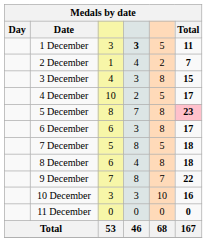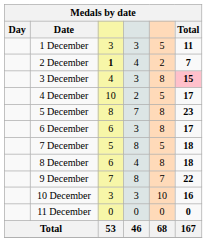 <table class="wikitable" style="font-size:90%; text-align:center;">
 <tr style="background:#efefef;">
 <th colspan=6><strong>Medals by date</strong></th>
 </tr>
 <tr>
 <th width=30><strong>Day</strong></th>
 <th width=90><strong>Date</strong></th>
 <th width=30 style="background:#F7F6A8;"></th>
 <th width=30 style="background:#DCE5E5;"></th>
 <th width=30 style="background:#FFDAB9;"></th>
 <th width=30><strong>Total</strong></th>
 </tr>
 <tr>
 <td></td>
 <td>1 December</td>
 <td style="background:#F7F6A8;">3</td>
-<td style="background:#DCE5E5;"><strong>3</strong></td>
+<td style="background:#DCE5E5;">3</td>
 <td style="background:#FFDAB9;">5</td>
 <td><strong>11</strong></td>
 </tr>
 <tr>
 <td></td>
 <td>2 December</td>
-<td style="background:#F7F6A8;">1</td>
+<td style="background:#F7F6A8;"><strong>1</strong></td>
 <td style="background:#DCE5E5;">4</td>
 <td style="background:#FFDAB9;">2</td>
 <td><strong>7</strong></td>
 </tr>
 <tr>
 <td></td>
 <td>3 December</td>
 <td style="background:#F7F6A8;">4</td>
 <td style="background:#DCE5E5;">3</td>
 <td style="background:#FFDAB9;">8</td>
-<td><strong>15</strong></td>
+<td style="background: pink;"><strong>15</strong></td>
 </tr>
 <tr>
 <td></td>
 <td>4 December</td>
 <td style="background:#F7F6A8;">10</td>
 <td style="background:#DCE5E5;">2</td>
 <td style="background:#FFDAB9;">5</td>
 <td><strong>17</strong></td>
 </tr>
 <tr>
 <td></td>
 <td>5 December</td>
 <td style="background:#F7F6A8;">8</td>
 <td style="background:#DCE5E5;">7</td>
 <td style="background:#FFDAB9;">8</td>
-<td style="background: pink;"><strong>23</strong></td>
+<td><strong>23</strong></td>
 </tr>
 <tr>
 <td></td>
 <td>6 December</td>
 <td style="background:#F7F6A8;">6</td>
 <td style="background:#DCE5E5;">3</td>
 <td style="background:#FFDAB9;">8</td>
 <td><strong>17</strong></td>
 </tr>
 <tr>
 <td></td>
 <td>7 December</td>
 <td style="background:#F7F6A8;">5</td>
 <td style="background:#DCE5E5;">8</td>
 <td style="background:#FFDAB9;">5</td>
 <td><strong>18</strong></td>
 </tr>
 <tr>
 <td></td>
 <td>8 December</td>
 <td style="background:#F7F6A8;">6</td>
 <td style="background:#DCE5E5;">4</td>
 <td style="background:#FFDAB9;">8</td>
 <td><strong>18</strong></td>
 </tr>
 <tr>
 <td></td>
 <td>9 December</td>
 <td style="background:#F7F6A8;">7</td>
 <td style="background:#DCE5E5;">8</td>
 <td style="background:#FFDAB9;">7</td>
 <td><strong>22</strong></td>
 </tr>
 <tr>
 <td></td>
 <td>10 December</td>
 <td style="background:#F7F6A8;">3</td>
 <td style="background:#DCE5E5;">3</td>
 <td style="background:#FFDAB9;">10</td>
 <td><strong>16</strong></td>
 </tr>
 <tr>
 <td></td>
 <td>11 December</td>
 <td style="background:#F7F6A8;">0</td>
 <td style="background:#DCE5E5;">0</td>
 <td style="background:#FFDAB9;">0</td>
 <td><strong>0</strong></td>
 </tr>
 <tr>
 <th colspan="2"><strong>Total</strong></th>
 <th><strong>53</strong></th>
 <th><strong>46</strong></th>
 <th><strong>68</strong></th>
 <th><strong>167</strong></th>
 </tr>
 <tr>
 </tr>
 </table>
